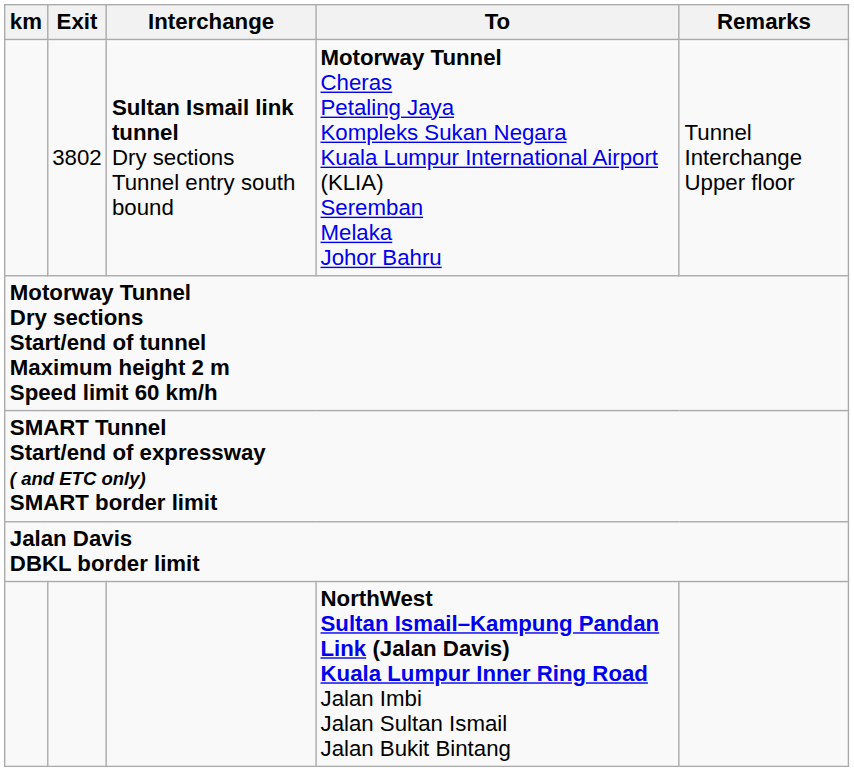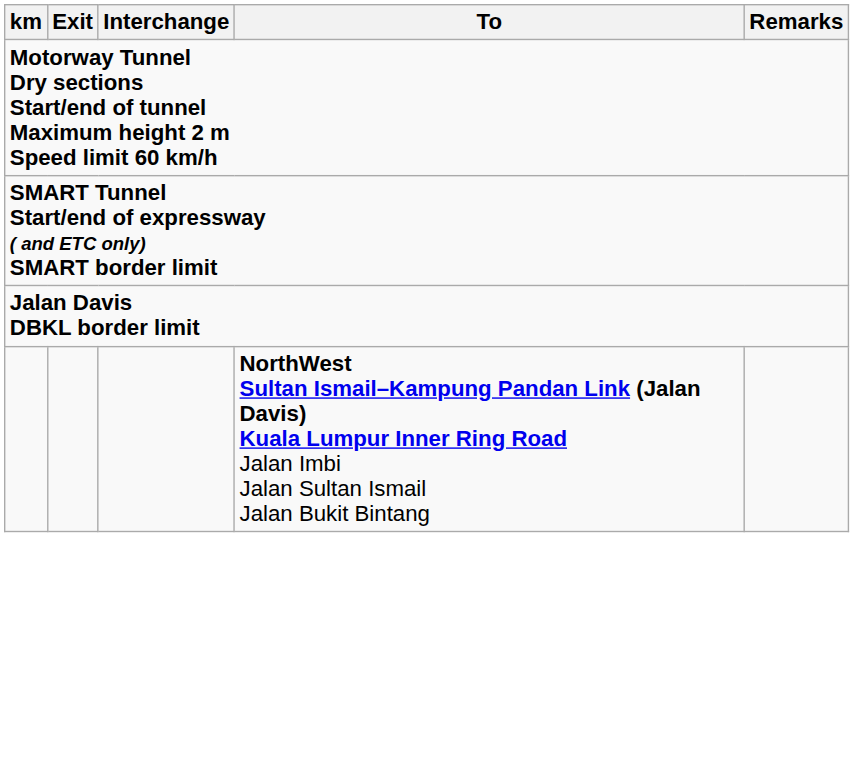 <table class=wikitable>
 <tr>
 <th>km</th>
 <th>Exit</th>
 <th>Interchange</th>
 <th>To</th>
 <th>Remarks</th>
-</tr>
-<tr>
-<td></td>
-<td>3802</td>
-<td><strong>Sultan Ismail link tunnel</strong><br>Dry sections<br>Tunnel entry south bound</td>
-<td><strong>Motorway Tunnel</strong><br> <a href='#'>Cheras</a><br> <a href='#'>Petaling Jaya</a><br> <a href='#'>Kompleks Sukan Negara</a><br>  <a href='#'>Kuala Lumpur International Airport</a> (KLIA) <br>  <a href='#'>Seremban</a><br>  <a href='#'>Melaka</a><br>  <a href='#'>Johor Bahru</a></td>
-<td>Tunnel Interchange<br>Upper floor</td>
 </tr>
 <tr>
 <td style="width:600px" colspan="5" style="text-align:center; background:green;"><strong><span>Motorway Tunnel<br>Dry sections<br>Start/end of tunnel<br>Maximum height 2 m<br>Speed limit 60 km/h</span></strong></td>
 </tr>
 <tr>
 <td style="width:600px" colspan="5" style="text-align:center; background:green;"><strong><span>  SMART Tunnel<br>Start/end of expressway<br><small><em>( and  ETC only)</em></small><br>SMART border limit</span></strong></td>
 </tr>
 <tr>
 <td style="width:600px" colspan="5" style="text-align:center; background:blue;"><strong><span> Jalan Davis<br>DBKL border limit</span></strong></td>
 </tr>
 <tr>
 <td></td>
 <td></td>
 <td></td>
 <td><strong>NorthWest</strong><br><strong><a href='#'>Sultan Ismail–Kampung Pandan Link</a> (Jalan Davis)</strong><br><strong><a href='#'>Kuala Lumpur Inner Ring Road</a></strong><br>Jalan Imbi<br>Jalan Sultan Ismail<br>Jalan Bukit Bintang</td>
 <td></td>
 </tr>
 </table>
